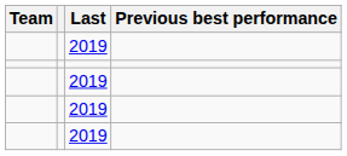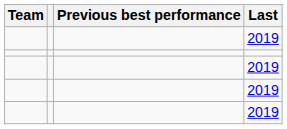 <table class="wikitable sortable" style="text-align: center;">
 <tr>
 <th>Team</th>
 <th data-sort-type="number"></th>
+<th>Previous best performance</th>
 <th>Last</th>
-<th>Previous best performance</th>
 </tr>
 <tr>
 <td align=left></td>
 <td></td>
+<td align=left></td>
 <td><a href='#'>2019</a></td>
-<td align=left></td>
 </tr>
 <tr>
 <td align=left></td>
 <td></td>
+<td align=left></td>
 <td></td>
-<td align=left></td>
 </tr>
 <tr>
 <td align=left></td>
 <td></td>
+<td align=left></td>
 <td><a href='#'>2019</a></td>
-<td align=left></td>
 </tr>
 <tr>
 <td align=left></td>
 <td></td>
+<td align=left></td>
 <td><a href='#'>2019</a></td>
-<td align=left></td>
 </tr>
 <tr>
 <td align=left></td>
 <td></td>
+<td align=left></td>
 <td><a href='#'>2019</a></td>
-<td align=left></td>
 </tr>
 </table>
